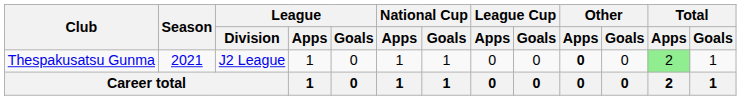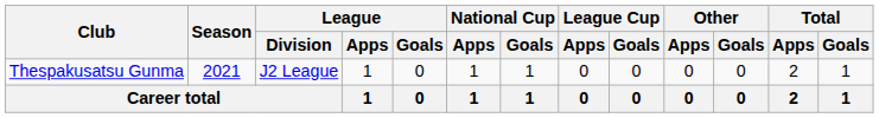 <table class="wikitable" style="text-align: center">
 <tr>
 <th rowspan="2">Club</th>
 <th rowspan="2">Season</th>
 <th colspan="3">League</th>
 <th colspan="2">National Cup</th>
 <th colspan="2">League Cup</th>
 <th colspan="2">Other</th>
 <th colspan="2">Total</th>
 </tr>
 <tr>
 <th>Division</th>
 <th>Apps</th>
 <th>Goals</th>
 <th>Apps</th>
 <th>Goals</th>
 <th>Apps</th>
 <th>Goals</th>
 <th>Apps</th>
 <th>Goals</th>
 <th>Apps</th>
 <th>Goals</th>
 </tr>
 <tr>
 <td><a href='#'>Thespakusatsu Gunma</a></td>
 <td><a href='#'>2021</a></td>
 <td><a href='#'>J2 League</a></td>
 <td>1</td>
 <td>0</td>
 <td>1</td>
 <td>1</td>
 <td>0</td>
 <td>0</td>
-<td><strong>0</strong></td>
 <td>0</td>
-<td style="background: lightgreen;">2</td>
+<td>0</td>
+<td>2</td>
 <td>1</td>
 </tr>
 <tr>
 <th colspan=3>Career total</th>
 <th>1</th>
 <th>0</th>
 <th>1</th>
 <th>1</th>
 <th>0</th>
 <th>0</th>
 <th>0</th>
 <th>0</th>
 <th>2</th>
 <th>1</th>
 </tr>
 </table>
